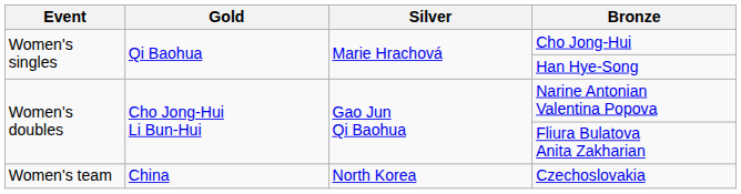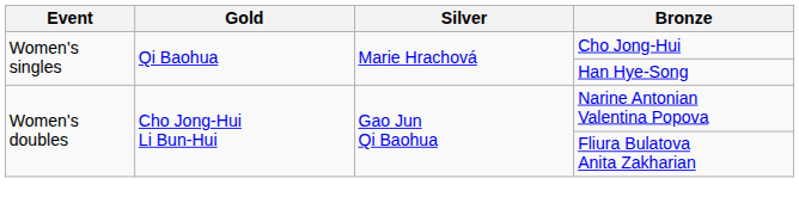 <table class="wikitable" style="text-align:left; width:750px;">
 <tr>
 <th width="100">Event</th>
 <th width="175">Gold</th>
 <th width="175">Silver</th>
 <th width="175">Bronze</th>
 </tr>
 <tr>
 <td rowspan=2>Women's singles</td>
 <td rowspan=2> <a href='#'>Qi Baohua</a></td>
 <td rowspan=2> <a href='#'>Marie Hrachová</a></td>
 <td> <a href='#'>Cho Jong-Hui</a></td>
 </tr>
 <tr>
 <td> <a href='#'>Han Hye-Song</a></td>
 </tr>
 <tr>
 <td rowspan=2>Women's doubles</td>
 <td rowspan=2> <a href='#'>Cho Jong-Hui</a><br> <a href='#'>Li Bun-Hui</a></td>
 <td rowspan=2> <a href='#'>Gao Jun</a><br> <a href='#'>Qi Baohua</a></td>
 <td> <a href='#'>Narine Antonian</a><br> <a href='#'>Valentina Popova</a></td>
 </tr>
 <tr>
 <td> <a href='#'>Fliura Bulatova</a><br> <a href='#'>Anita Zakharian</a></td>
 </tr>
-<tr>
-<td>Women's team</td>
-<td> <a href='#'>China</a></td>
-<td> <a href='#'>North Korea</a></td>
-<td> <a href='#'>Czechoslovakia</a></td>
-</tr>
 </table>
